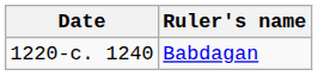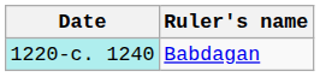 <table class="wikitable" border="1">
 <tr>
 <th>Date</th>
 <th>Ruler's name</th>
 </tr>
 <tr>
-<td>1220-c. 1240</td>
+<td style="background: paleturquoise;">1220-c. 1240</td>
 <td><a href='#'>Babdagan</a></td>
 </tr>
 </table>
